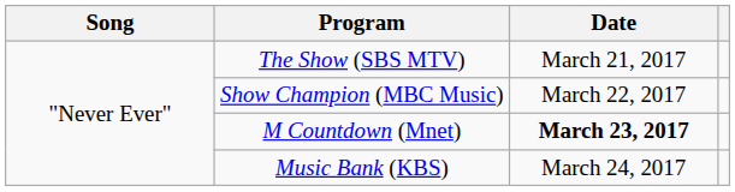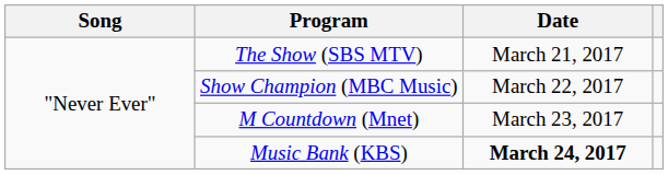 <table class="wikitable" style="text-align:center">
 <tr>
 <th width="140">Song</th>
 <th width="200">Program</th>
 <th width="140">Date</th>
 <th></th>
 </tr>
 <tr>
 <td rowspan=4>"Never Ever"</td>
 <td><em><a href='#'>The Show</a></em> (<a href='#'>SBS MTV</a>)</td>
 <td>March 21, 2017</td>
 <td></td>
 </tr>
 <tr>
 <td><em><a href='#'>Show Champion</a></em> (<a href='#'>MBC Music</a>)</td>
 <td>March 22, 2017</td>
 <td></td>
 </tr>
 <tr>
 <td><em><a href='#'>M Countdown</a></em> (<a href='#'>Mnet</a>)</td>
-<td><strong>March 23, 2017</strong></td>
+<td>March 23, 2017</td>
 <td></td>
 </tr>
 <tr>
 <td><em><a href='#'>Music Bank</a></em> (<a href='#'>KBS</a>)</td>
-<td>March 24, 2017</td>
+<td><strong>March 24, 2017</strong></td>
 <td></td>
 </tr>
 </table>
